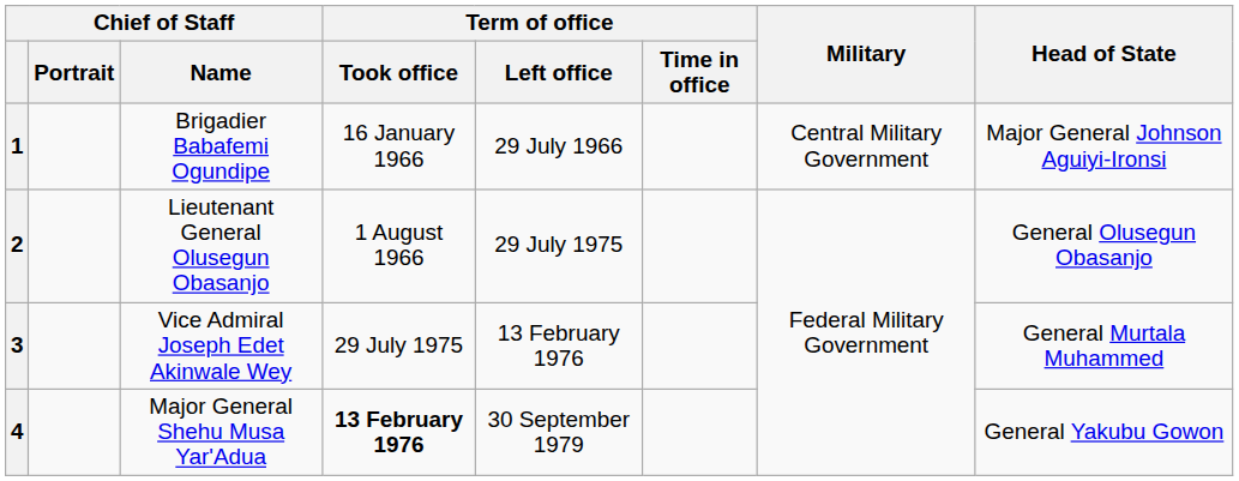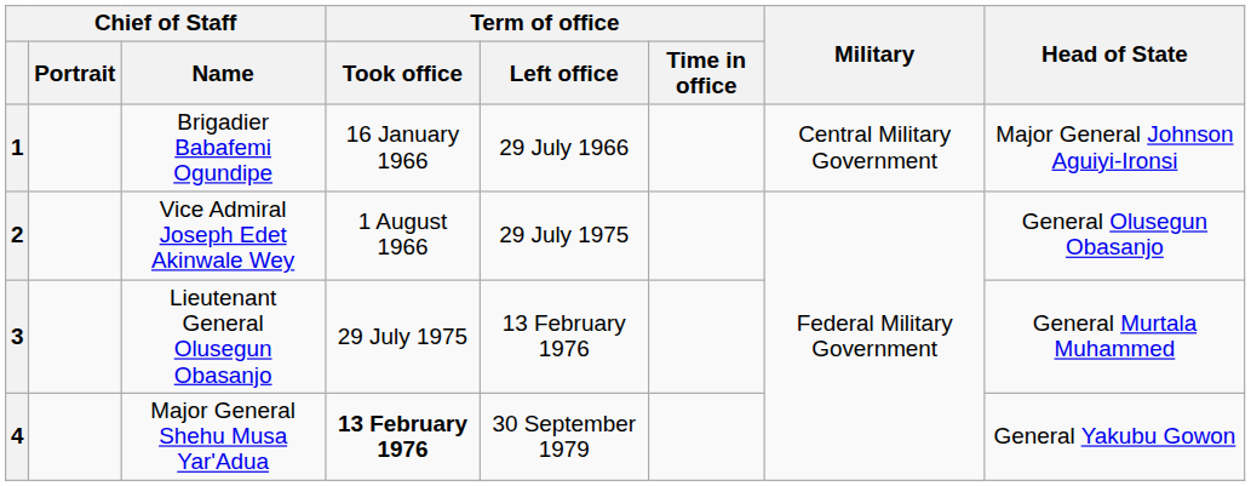 <table class="wikitable" style="text-align:center">
 <tr>
 <th colspan=3>Chief of Staff</th>
 <th colspan=3>Term of office</th>
 <th rowspan=2>Military</th>
 <th rowspan=2>Head of State</th>
 </tr>
 <tr>
 <th></th>
 <th>Portrait</th>
 <th>Name<br></th>
 <th>Took office</th>
 <th>Left office</th>
 <th>Time in office</th>
 </tr>
 <tr>
 <th style="background:">1</th>
 <td></td>
 <td>Brigadier<br><a href='#'>Babafemi Ogundipe</a><br></td>
 <td>16 January 1966</td>
 <td>29 July 1966<br></td>
 <td></td>
 <td>Central Military Government</td>
 <td>Major General <a href='#'>Johnson Aguiyi-Ironsi</a></td>
 </tr>
 <tr>
 <th style="background:">2</th>
 <td></td>
-<td>Lieutenant General<br><a href='#'>Olusegun Obasanjo</a><br></td>
+<td>Vice Admiral<br><a href='#'>Joseph Edet Akinwale Wey</a><br></td>
 <td>1 August 1966</td>
 <td>29 July 1975<br></td>
 <td></td>
 <td rowspan="3">Federal Military Government</td>
 <td>General <a href='#'>Olusegun Obasanjo</a></td>
 </tr>
 <tr>
 <th style="background:">3</th>
 <td></td>
-<td>Vice Admiral<br><a href='#'>Joseph Edet Akinwale Wey</a><br></td>
+<td>Lieutenant General<br><a href='#'>Olusegun Obasanjo</a><br></td>
 <td>29 July 1975</td>
 <td>13 February 1976<br></td>
 <td></td>
 <td>General <a href='#'>Murtala Muhammed</a></td>
 </tr>
 <tr>
 <th style="background:">4</th>
 <td></td>
 <td>Major General<br><a href='#'>Shehu Musa Yar'Adua</a><br></td>
 <td><strong>13 February 1976</strong></td>
 <td>30 September 1979<br></td>
 <td></td>
 <td>General <a href='#'>Yakubu Gowon</a></td>
 </tr>
 </table>
